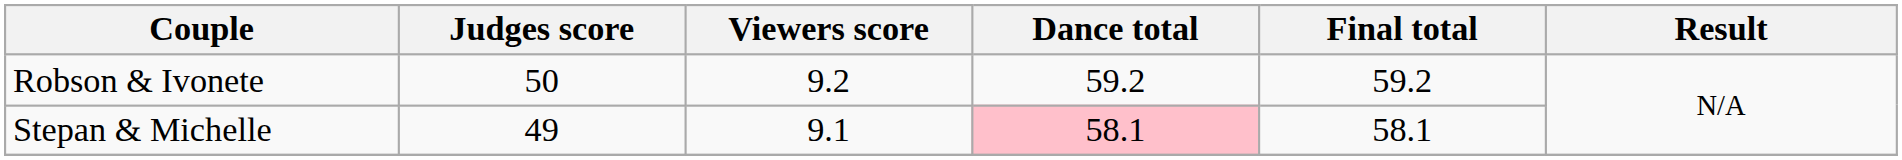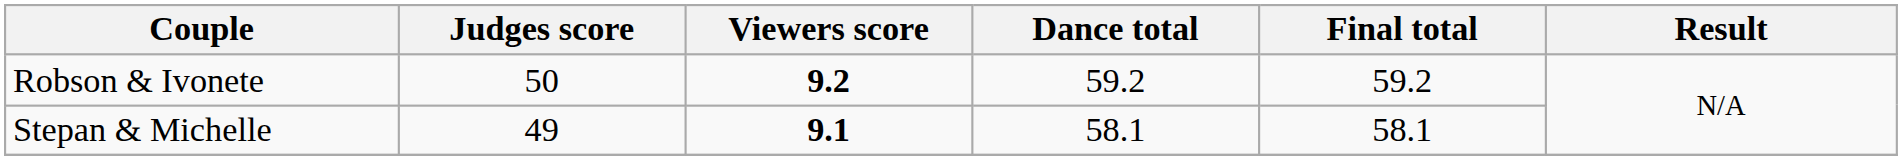 <table class="wikitable" style="font-size:100%; line-height:16px; text-align:center" width="70%">
 <tr>
 <th width=085>Couple</th>
 <th width=060>Judges score</th>
 <th width=060>Viewers score</th>
 <th width=060>Dance total</th>
 <th width=060>Final total</th>
 <th width=075>Result</th>
 </tr>
 <tr>
 <td align="left">Robson & Ivonete</td>
 <td>50</td>
-<td>9.2</td>
+<td><strong>9.2</strong></td>
 <td>59.2</td>
 <td>59.2</td>
 <td rowspan=2><small>N/A</small></td>
 </tr>
 <tr>
 <td align="left">Stepan & Michelle</td>
 <td>49</td>
-<td>9.1</td>
-<td style="background: pink;">58.1</td>
+<td><strong>9.1</strong></td>
+<td>58.1</td>
 <td>58.1</td>
 </tr>
 <tr>
 </tr>
 </table>
